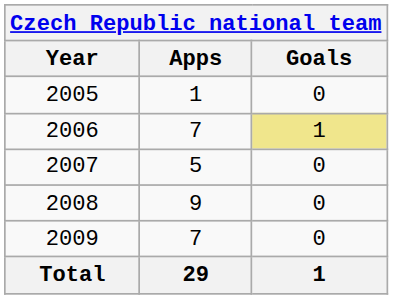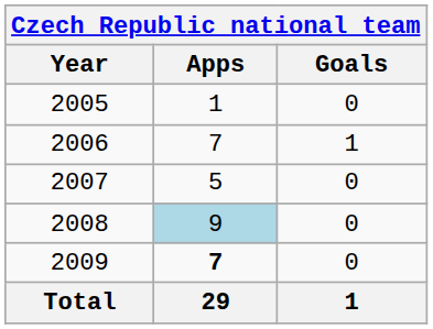 <table class="wikitable" style="text-align:center">
 <tr>
 <th colspan=3><a href='#'>Czech Republic national team</a></th>
 </tr>
 <tr>
 <th>Year</th>
 <th>Apps</th>
 <th>Goals</th>
 </tr>
 <tr>
 <td>2005</td>
 <td>1</td>
 <td>0</td>
 </tr>
 <tr>
 <td>2006</td>
 <td>7</td>
-<td style="background: khaki;">1</td>
+<td>1</td>
 </tr>
 <tr>
 <td>2007</td>
 <td>5</td>
 <td>0</td>
 </tr>
 <tr>
 <td>2008</td>
-<td>9</td>
+<td style="background: lightblue;">9</td>
 <td>0</td>
 </tr>
 <tr>
 <td>2009</td>
-<td>7</td>
+<td><strong>7</strong></td>
 <td>0</td>
 </tr>
 <tr>
 <th>Total</th>
 <th>29</th>
 <th>1</th>
 </tr>
 </table>
